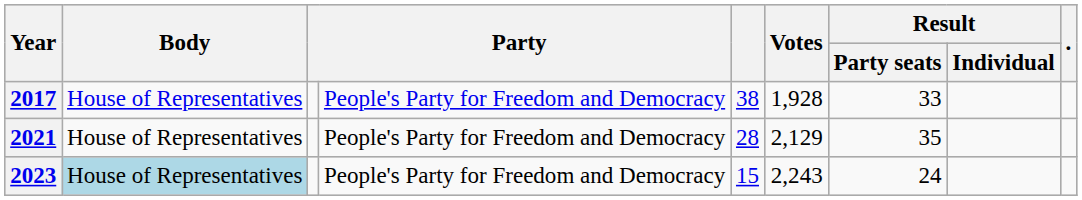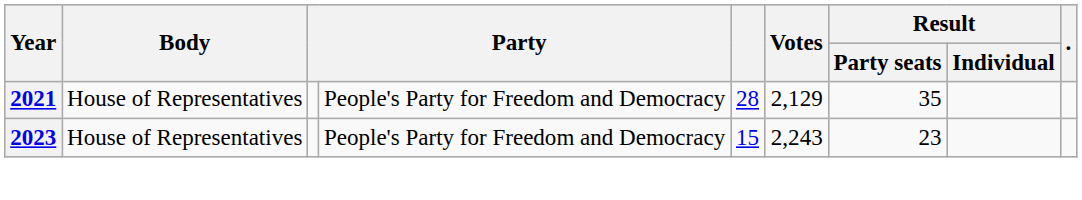 <table class="wikitable plainrowheaders sortable" border=2 cellpadding=4 cellspacing=0 style="border: 1px #aaa solid; font-size: 90%; text-align:center;">
 <tr>
 <th scope="col" rowspan=2>Year</th>
 <th scope="col" rowspan=2>Body</th>
 <th scope="col" colspan=2 rowspan=2>Party</th>
 <th scope="col" rowspan=2></th>
 <th scope="col" rowspan=2>Votes</th>
 <th scope="colgroup" colspan=2>Result</th>
 <th scope="col" rowspan=2 class="unsortable">.</th>
 </tr>
 <tr>
 <th scope="col">Party seats</th>
 <th scope="col">Individual</th>
 </tr>
 <tr>
-<th scope="row"><a href='#'>2017</a></th>
-<td><a href='#'>House of Representatives</a></td>
-<td style="background-color:"></td>
-<td><a href='#'>People's Party for Freedom and Democracy</a></td>
-<td style=text-align:right><a href='#'>38</a></td>
-<td style=text-align:right>1,928</td>
-<td style=text-align:right>33</td>
-<td></td>
-<td></td>
-</tr>
-<tr>
 <th scope="row"><a href='#'>2021</a></th>
 <td>House of Representatives</td>
 <td style="background-color:"></td>
 <td>People's Party for Freedom and Democracy</td>
 <td style=text-align:right><a href='#'>28</a></td>
 <td style=text-align:right>2,129</td>
 <td style=text-align:right>35</td>
 <td></td>
 <td></td>
 </tr>
 <tr>
 <th scope="row"><a href='#'>2023</a></th>
-<td style="background: lightblue;">House of Representatives</td>
+<td>House of Representatives</td>
 <td style="background-color:"></td>
 <td>People's Party for Freedom and Democracy</td>
 <td style=text-align:right><a href='#'>15</a></td>
 <td style=text-align:right>2,243</td>
-<td style=text-align:right>24</td>
+<td style=text-align:right>23</td>
 <td></td>
 <td></td>
 </tr>
 </table>
